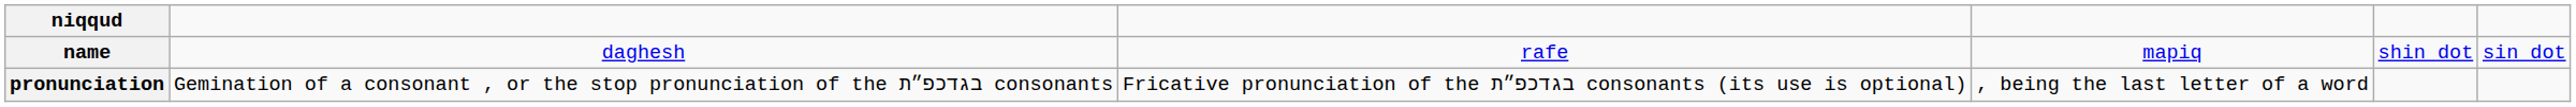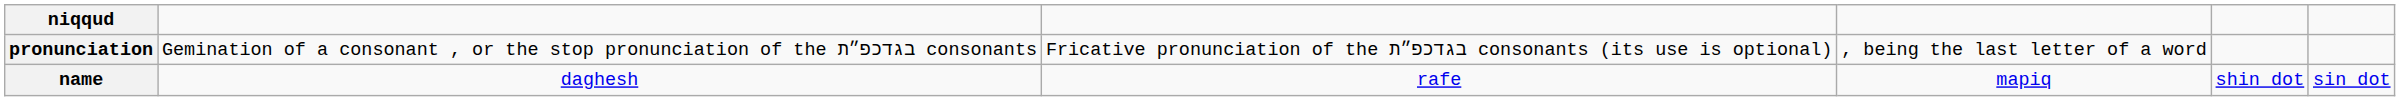 <table class="wikitable" style="text-align: center;">
 <tr>
 <th>niqqud</th>
 <td style="font-size: 180%;"></td>
 <td style="font-size: 180%;"></td>
 <td style="font-size: 180%;"></td>
 <td style="font-size: 180%;"></td>
 <td style="font-size: 180%;"></td>
 </tr>
 <tr>
+<th>pronunciation</th>
+<td>Gemination of a consonant , or the stop pronunciation of the בגדכפ״ת consonants</td>
+<td>Fricative pronunciation of the בגדכפ״ת consonants (its use is optional)</td>
+<td>, being the last letter of a word</td>
+<td></td>
+<td></td>
+</tr>
+<tr>
 <th>name</th>
 <td><a href='#'>daghesh</a></td>
 <td><a href='#'>rafe</a></td>
 <td><a href='#'>mapiq</a></td>
 <td><a href='#'>shin dot</a></td>
 <td><a href='#'>sin dot</a></td>
 </tr>
-<tr>
-<th>pronunciation</th>
-<td>Gemination of a consonant , or the stop pronunciation of the בגדכפ״ת consonants</td>
-<td>Fricative pronunciation of the בגדכפ״ת consonants (its use is optional)</td>
-<td>, being the last letter of a word</td>
-<td></td>
-<td></td>
-</tr>
 </table>
